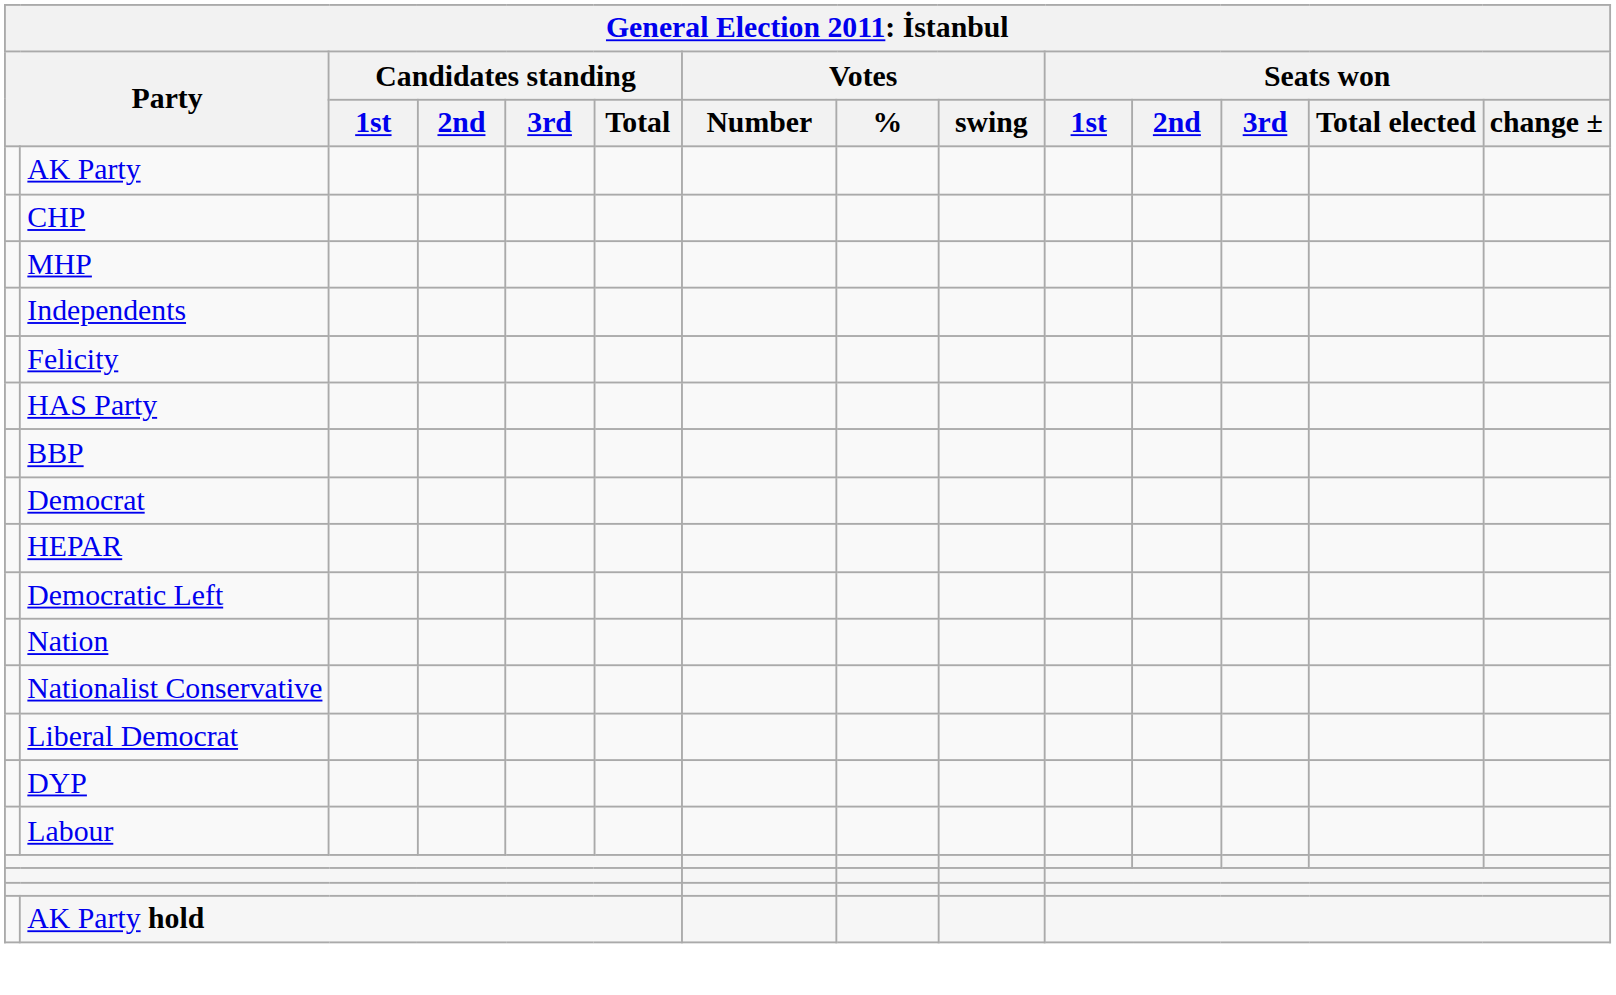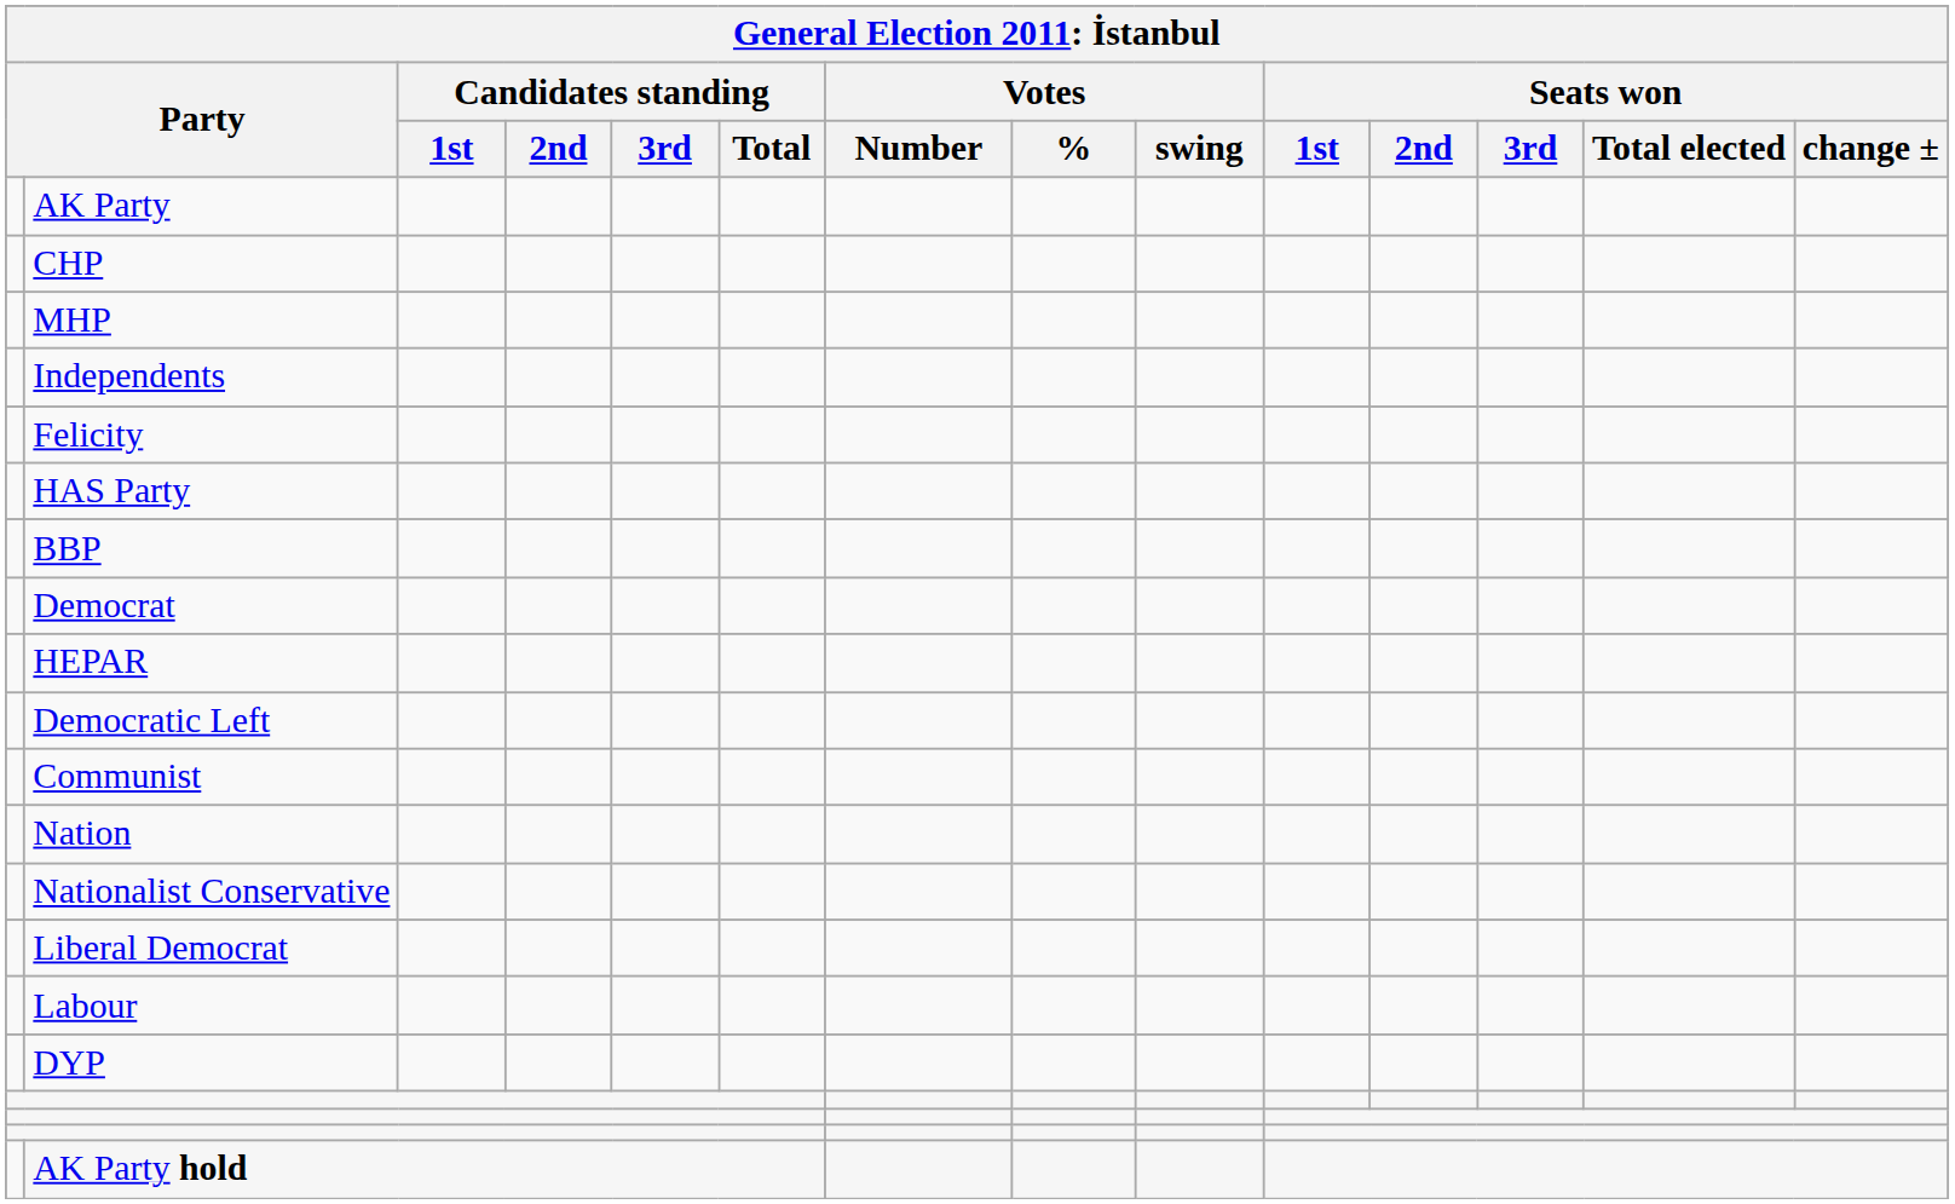 <table class="wikitable">
 <tr>
 <th colspan="14"><a href='#'>General Election 2011</a>: İstanbul</th>
 </tr>
 <tr>
 <th colspan="2" rowspan="2">Party</th>
 <th colspan="4">Candidates standing</th>
 <th colspan="3">Votes</th>
 <th colspan="5">Seats won</th>
 </tr>
 <tr>
 <th width="40px"><a href='#'>1st</a></th>
 <th width="40px"><a href='#'>2nd</a></th>
 <th width="40px"><a href='#'>3rd</a></th>
 <th width="40px">Total</th>
 <th width="76px">Number</th>
 <th width="47px">%</th>
 <th width="50px">swing</th>
 <th width="40px"><a href='#'>1st</a></th>
 <th width="40px"><a href='#'>2nd</a></th>
 <th width="40px"><a href='#'>3rd</a></th>
 <th>Total elected</th>
 <th>change ±</th>
 </tr>
 <tr>
 <td style="width:1px; background: "></td>
 <td><a href='#'>AK Party</a></td>
 <td></td>
 <td></td>
 <td></td>
 <td></td>
 <td></td>
 <td></td>
 <td></td>
 <td></td>
 <td></td>
 <td></td>
 <td></td>
 <td></td>
 </tr>
 <tr>
 <td style="width:1px; background: "></td>
 <td><a href='#'>CHP</a></td>
 <td></td>
 <td></td>
 <td></td>
 <td></td>
 <td></td>
 <td></td>
 <td></td>
 <td></td>
 <td></td>
 <td></td>
 <td></td>
 <td></td>
 </tr>
 <tr>
 <td style="width:1px; background: "></td>
 <td><a href='#'>MHP</a></td>
 <td></td>
 <td></td>
 <td></td>
 <td></td>
 <td></td>
 <td></td>
 <td></td>
 <td></td>
 <td></td>
 <td></td>
 <td></td>
 <td></td>
 </tr>
 <tr>
 <td style="width:1px; background: "></td>
 <td><a href='#'>Independents</a></td>
 <td></td>
 <td></td>
 <td></td>
 <td></td>
 <td></td>
 <td></td>
 <td></td>
 <td></td>
 <td></td>
 <td></td>
 <td></td>
 <td></td>
 </tr>
 <tr>
 <td style="width:1px; background: "></td>
 <td><a href='#'>Felicity</a></td>
 <td></td>
 <td></td>
 <td></td>
 <td></td>
 <td></td>
 <td></td>
 <td></td>
 <td></td>
 <td></td>
 <td></td>
 <td></td>
 <td></td>
 </tr>
 <tr>
 <td style="width:1px; background: "></td>
 <td><a href='#'>HAS Party</a></td>
 <td></td>
 <td></td>
 <td></td>
 <td></td>
 <td></td>
 <td></td>
 <td></td>
 <td></td>
 <td></td>
 <td></td>
 <td></td>
 <td></td>
 </tr>
 <tr>
 <td style="width:1px; background: "></td>
 <td><a href='#'>BBP</a></td>
 <td></td>
 <td></td>
 <td></td>
 <td></td>
 <td></td>
 <td></td>
 <td></td>
 <td></td>
 <td></td>
 <td></td>
 <td></td>
 <td></td>
 </tr>
 <tr>
 <td style="width:1px; background: "></td>
 <td><a href='#'>Democrat</a></td>
 <td></td>
 <td></td>
 <td></td>
 <td></td>
 <td></td>
 <td></td>
 <td></td>
 <td></td>
 <td></td>
 <td></td>
 <td></td>
 <td></td>
 </tr>
 <tr>
 <td style="width:1px; background: "></td>
 <td><a href='#'>HEPAR</a></td>
 <td></td>
 <td></td>
 <td></td>
 <td></td>
 <td></td>
 <td></td>
 <td></td>
 <td></td>
 <td></td>
 <td></td>
 <td></td>
 <td></td>
 </tr>
 <tr>
 <td style="width:1px; background: "></td>
 <td><a href='#'>Democratic Left</a></td>
 <td></td>
 <td></td>
 <td></td>
 <td></td>
 <td></td>
 <td></td>
 <td></td>
 <td></td>
 <td></td>
 <td></td>
 <td></td>
 <td></td>
 </tr>
 <tr>
 <td style="width:1px; background: "></td>
+<td><a href='#'>Communist</a></td>
+<td></td>
+<td></td>
+<td></td>
+<td></td>
+<td></td>
+<td></td>
+<td></td>
+<td></td>
+<td></td>
+<td></td>
+<td></td>
+<td></td>
+</tr>
+<tr>
+<td style="width:1px; background: "></td>
 <td><a href='#'>Nation</a></td>
 <td></td>
 <td></td>
 <td></td>
 <td></td>
 <td></td>
 <td></td>
 <td></td>
 <td></td>
 <td></td>
 <td></td>
 <td></td>
 <td></td>
 </tr>
 <tr>
 <td style="width:1px; background: "></td>
 <td><a href='#'>Nationalist Conservative</a></td>
 <td></td>
 <td></td>
 <td></td>
 <td></td>
 <td></td>
 <td></td>
 <td></td>
 <td></td>
 <td></td>
 <td></td>
 <td></td>
 <td></td>
 </tr>
 <tr>
 <td style="width:1px; background: "></td>
 <td><a href='#'>Liberal Democrat</a></td>
 <td></td>
 <td></td>
 <td></td>
 <td></td>
 <td></td>
 <td></td>
 <td></td>
 <td></td>
 <td></td>
 <td></td>
 <td></td>
 <td></td>
 </tr>
 <tr>
 <td style="width:1px; background: "></td>
-<td><a href='#'>DYP</a></td>
+<td><a href='#'>Labour</a></td>
 <td></td>
 <td></td>
 <td></td>
 <td></td>
 <td></td>
 <td></td>
 <td></td>
 <td></td>
 <td></td>
 <td></td>
 <td></td>
 <td></td>
 </tr>
 <tr>
 <td style="width:1px; background: "></td>
-<td><a href='#'>Labour</a></td>
+<td><a href='#'>DYP</a></td>
 <td></td>
 <td></td>
 <td></td>
 <td></td>
 <td></td>
 <td></td>
 <td></td>
 <td></td>
 <td></td>
 <td></td>
 <td></td>
 <td></td>
 </tr>
 <tr>
 <td style="background: #F6F6F6" colspan="6"></td>
 <td style="background: #F6F6F6"></td>
 <td style="background: #F6F6F6"></td>
 <td style="background: #F6F6F6"></td>
 <td style="background: #F6F6F6"></td>
 <td style="background: #F6F6F6"></td>
 <td style="background: #F6F6F6"></td>
 <td style="background: #F6F6F6"></td>
 <td style="background: #F6F6F6"></td>
 </tr>
 <tr>
 <td style="background: #F6F6F6" colspan="6"></td>
 <td style="background: #F6F6F6"></td>
 <td style="background: #F6F6F6"></td>
 <td style="background: #F6F6F6"></td>
 <td style="background: #F6F6F6" colspan="5"></td>
 </tr>
 <tr>
 <td style="background: #F6F6F6" colspan="6"></td>
 <td style="background: #F6F6F6"></td>
 <td style="background: #F6F6F6"></td>
 <td style="background: #F6F6F6"></td>
 <td style="background: #F6F6F6" colspan="5"></td>
 </tr>
 <tr>
 <td style="width:1px; background: "></td>
 <td style="background: #F6F6F6" colspan="5"><a href='#'>AK Party</a> <strong>hold</strong> </td>
 <td style="background: #F6F6F6"></td>
 <td style="background: #F6F6F6"></td>
 <td style="background: #F6F6F6"></td>
 <td style="background: #F6F6F6" colspan="5"></td>
 </tr>
 </table>
